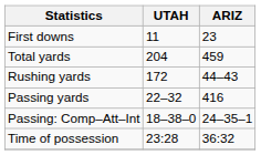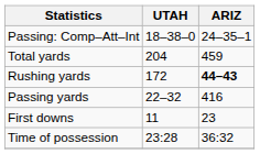 <table class="wikitable" style="float: left;">
 <tr>
 <th>Statistics</th>
 <th>UTAH</th>
 <th>ARIZ</th>
 </tr>
 <tr>
-<td>First downs</td>
-<td>11</td>
-<td>23</td>
+<td>Passing: Comp–Att–Int</td>
+<td>18–38–0</td>
+<td>24–35–1</td>
 </tr>
 <tr>
 <td>Total yards</td>
 <td>204</td>
 <td>459</td>
 </tr>
 <tr>
 <td>Rushing yards</td>
 <td>172</td>
-<td>44–43</td>
+<td><strong>44–43</strong></td>
 </tr>
 <tr>
 <td>Passing yards</td>
 <td>22–32</td>
 <td>416</td>
 </tr>
 <tr>
-<td>Passing: Comp–Att–Int</td>
-<td>18–38–0</td>
-<td>24–35–1</td>
+<td>First downs</td>
+<td>11</td>
+<td>23</td>
 </tr>
 <tr>
 <td>Time of possession</td>
 <td>23:28</td>
 <td>36:32</td>
 </tr>
 <tr>
 </tr>
 </table>
